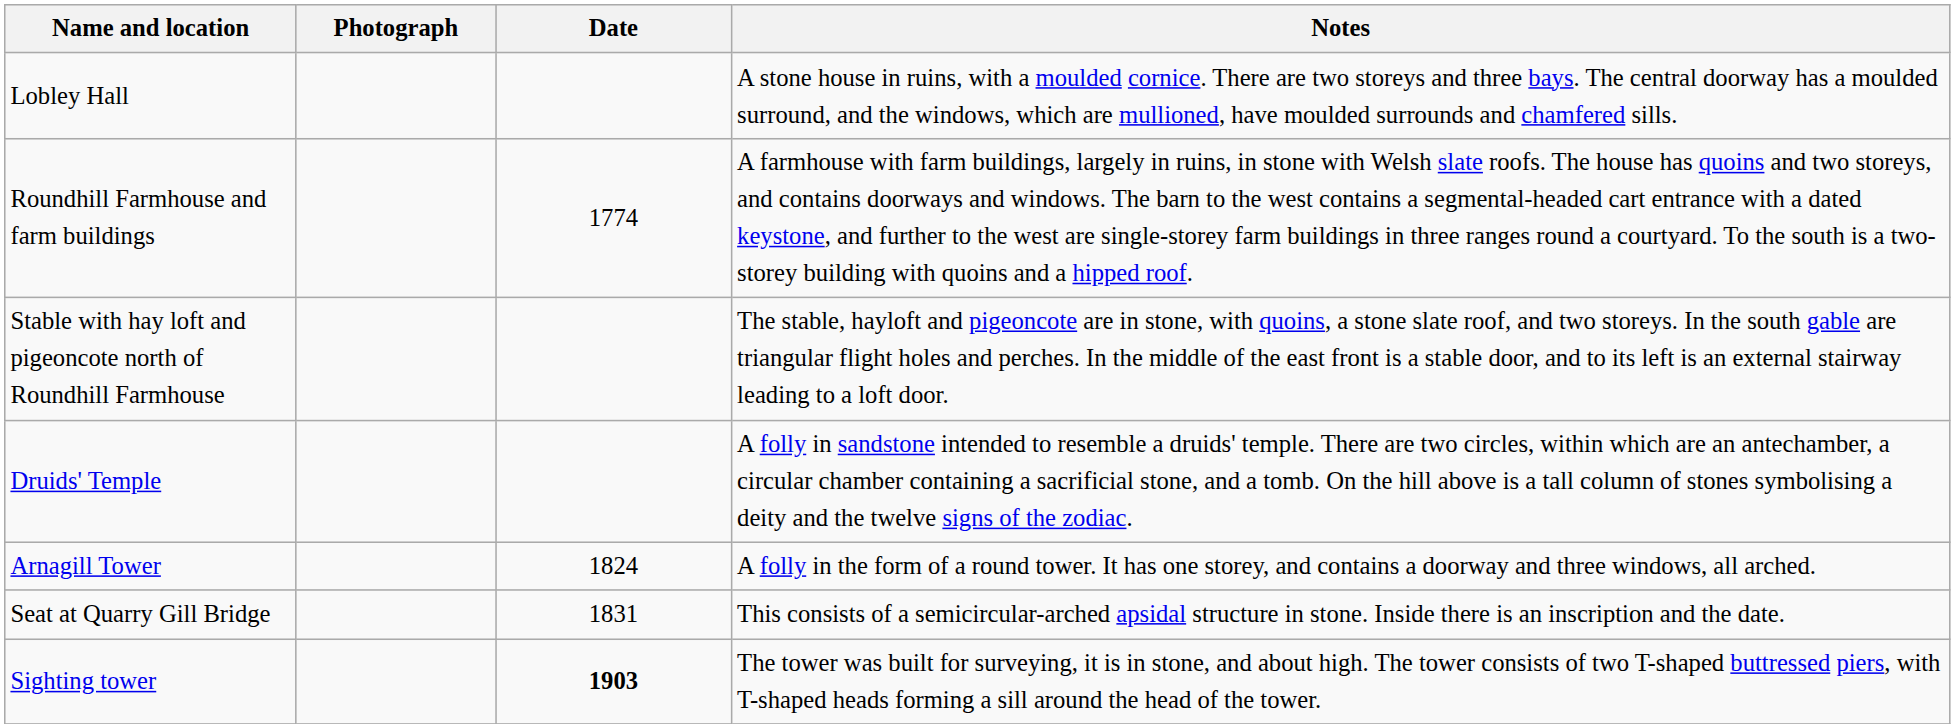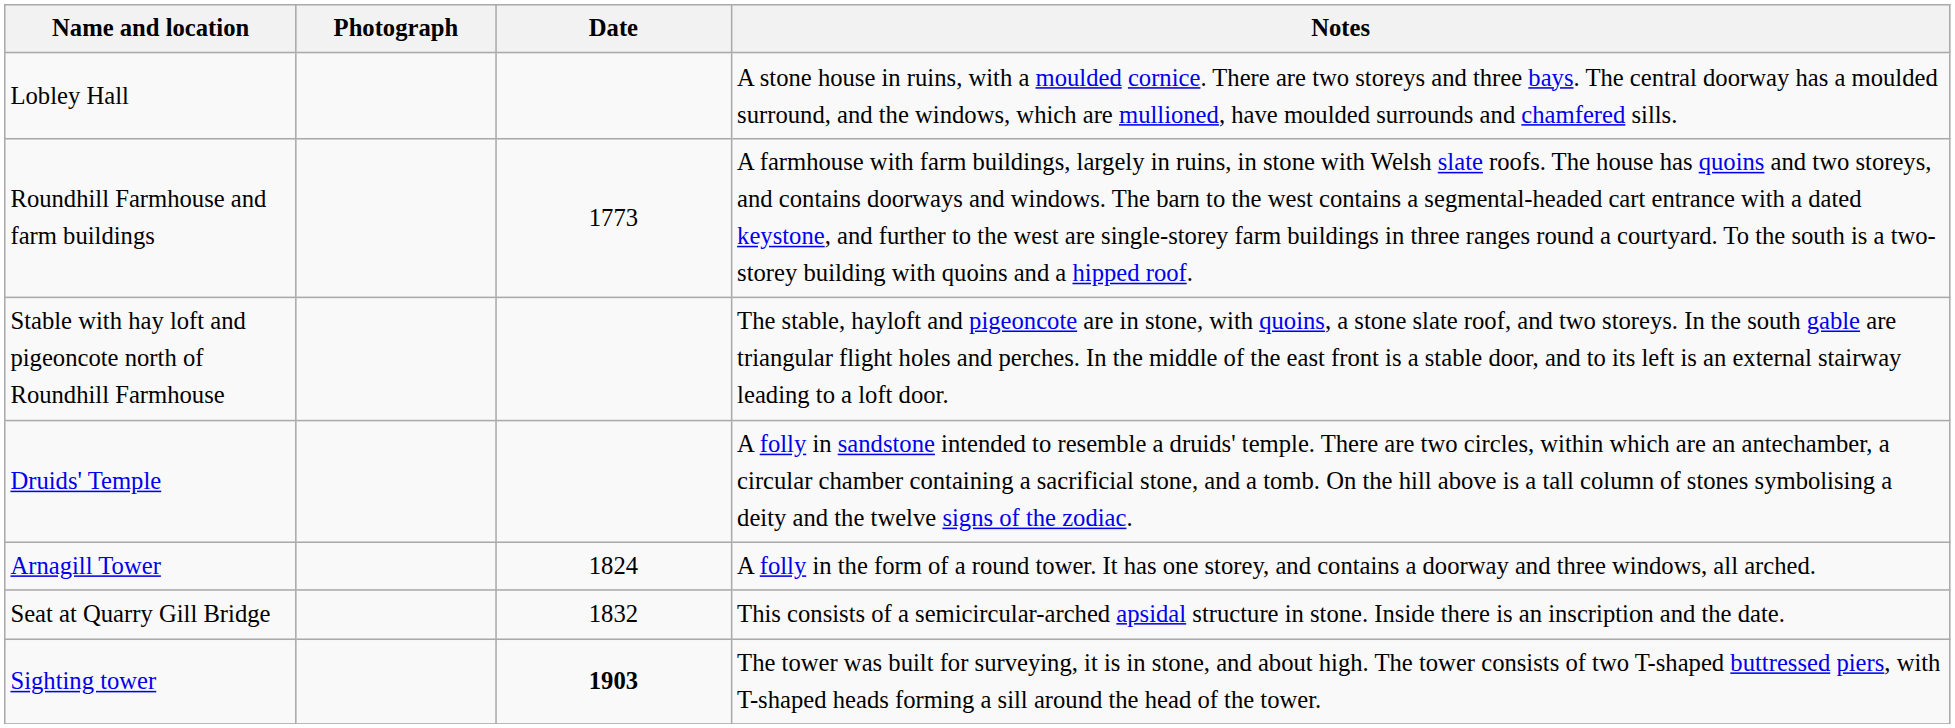 <table class="wikitable sortable plainrowheaders" style="width:100%;border:0px;text-align:left;line-height:150%;">
 <tr>
 <th scope="col"  style="width:150px">Name and location</th>
 <th scope="col"  style="width:100px" class="unsortable">Photograph</th>
 <th scope="col"  style="width:120px">Date</th>
 <th scope="col"  style="width:650px" class="unsortable">Notes</th>
 </tr>
 <tr>
 <td>Lobley Hall<br><small></small></td>
 <td></td>
 <td align="center"></td>
 <td>A stone house in ruins, with a <a href='#'>moulded</a> <a href='#'>cornice</a>. There are two storeys and three <a href='#'>bays</a>. The central doorway has a moulded surround, and the windows, which are <a href='#'>mullioned</a>, have moulded surrounds and <a href='#'>chamfered</a> sills.</td>
 </tr>
 <tr>
 <td>Roundhill Farmhouse and farm buildings<br><small></small></td>
 <td></td>
-<td align="center">1774</td>
+<td align="center">1773</td>
 <td>A farmhouse with farm buildings, largely in ruins, in stone with Welsh <a href='#'>slate</a> roofs. The house has <a href='#'>quoins</a> and two storeys, and contains doorways and windows. The barn to the west contains a segmental-headed cart entrance with a dated <a href='#'>keystone</a>, and further to the west are single-storey farm buildings in three ranges round a courtyard. To the south is a two-storey building with quoins and a <a href='#'>hipped roof</a>.</td>
 </tr>
 <tr>
 <td>Stable with hay loft and pigeoncote north of Roundhill Farmhouse<br><small></small></td>
 <td></td>
 <td align="center"></td>
 <td>The stable, hayloft and <a href='#'>pigeoncote</a> are in stone, with <a href='#'>quoins</a>, a stone slate roof, and two storeys. In the south <a href='#'>gable</a> are triangular flight holes and perches. In the middle of the east front is a stable door, and to its left is an external stairway leading to a loft door.</td>
 </tr>
 <tr>
 <td><a href='#'>Druids' Temple</a><br><small></small></td>
 <td></td>
 <td align="center"></td>
 <td>A <a href='#'>folly</a> in <a href='#'>sandstone</a> intended to resemble a druids' temple. There are two circles, within which are an antechamber, a circular chamber containing a sacrificial stone, and a tomb. On the hill above is a tall column of stones symbolising a deity and the twelve <a href='#'>signs of the zodiac</a>.</td>
 </tr>
 <tr>
 <td><a href='#'>Arnagill Tower</a><br><small></small></td>
 <td></td>
 <td align="center">1824</td>
 <td>A <a href='#'>folly</a> in the form of a round tower. It has one storey, and contains a doorway and three windows, all arched.</td>
 </tr>
 <tr>
 <td>Seat at Quarry Gill Bridge<br><small></small></td>
 <td></td>
-<td align="center">1831</td>
+<td align="center">1832</td>
 <td>This consists of a semicircular-arched <a href='#'>apsidal</a> structure in stone. Inside there is an inscription and the date.</td>
 </tr>
 <tr>
 <td><a href='#'>Sighting tower</a><br><small></small></td>
 <td></td>
 <td align="center"><strong>1903</strong></td>
 <td>The tower was built for surveying, it is in stone, and about  high. The tower consists of two T-shaped <a href='#'>buttressed</a> <a href='#'>piers</a>, with T-shaped heads forming a sill around the head of the tower.</td>
 </tr>
 <tr>
 </tr>
 </table>
